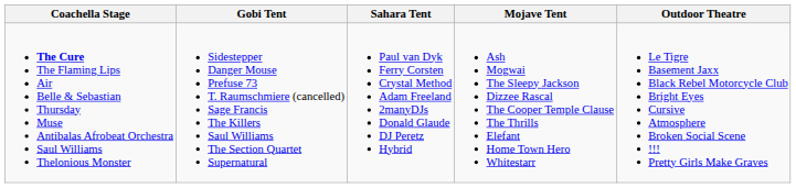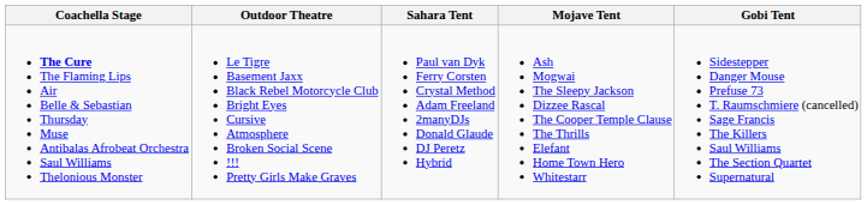 <table class="wikitable">
 <tr>
 <th>Coachella Stage</th>
-<th>Gobi Tent</th>
+<th>Outdoor Theatre</th>
 <th>Sahara Tent</th>
 <th>Mojave Tent</th>
-<th>Outdoor Theatre</th>
+<th>Gobi Tent</th>
 </tr>
 <tr valign="top">
 <td><br><ul><li><strong><a href='#'>The Cure</a></strong></li><li><a href='#'>The Flaming Lips</a></li><li><a href='#'>Air</a></li><li><a href='#'>Belle & Sebastian</a></li><li><a href='#'>Thursday</a></li><li><a href='#'>Muse</a></li><li><a href='#'>Antibalas Afrobeat Orchestra</a></li><li><a href='#'>Saul Williams</a></li><li><a href='#'>Thelonious Monster</a></li></ul></td>
-<td><br><ul><li><a href='#'>Sidestepper</a></li><li><a href='#'>Danger Mouse</a></li><li><a href='#'>Prefuse 73</a></li><li><a href='#'>T. Raumschmiere</a> (cancelled)</li><li><a href='#'>Sage Francis</a></li><li><a href='#'>The Killers</a></li><li><a href='#'>Saul Williams</a></li><li><a href='#'>The Section Quartet</a></li><li><a href='#'>Supernatural</a></li></ul></td>
+<td><br><ul><li><a href='#'>Le Tigre</a></li><li><a href='#'>Basement Jaxx</a></li><li><a href='#'>Black Rebel Motorcycle Club</a></li><li><a href='#'>Bright Eyes</a></li><li><a href='#'>Cursive</a></li><li><a href='#'>Atmosphere</a></li><li><a href='#'>Broken Social Scene</a></li><li><a href='#'>!!!</a></li><li><a href='#'>Pretty Girls Make Graves</a></li></ul></td>
 <td><br><ul><li><a href='#'>Paul van Dyk</a></li><li><a href='#'>Ferry Corsten</a></li><li><a href='#'>Crystal Method</a></li><li><a href='#'>Adam Freeland</a></li><li><a href='#'>2manyDJs</a></li><li><a href='#'>Donald Glaude</a></li><li><a href='#'>DJ Peretz</a></li><li><a href='#'>Hybrid</a></li></ul></td>
 <td><br><ul><li><a href='#'>Ash</a></li><li><a href='#'>Mogwai</a></li><li><a href='#'>The Sleepy Jackson</a></li><li><a href='#'>Dizzee Rascal</a></li><li><a href='#'>The Cooper Temple Clause</a></li><li><a href='#'>The Thrills</a></li><li><a href='#'>Elefant</a></li><li><a href='#'>Home Town Hero</a></li><li><a href='#'>Whitestarr</a></li></ul></td>
-<td><br><ul><li><a href='#'>Le Tigre</a></li><li><a href='#'>Basement Jaxx</a></li><li><a href='#'>Black Rebel Motorcycle Club</a></li><li><a href='#'>Bright Eyes</a></li><li><a href='#'>Cursive</a></li><li><a href='#'>Atmosphere</a></li><li><a href='#'>Broken Social Scene</a></li><li><a href='#'>!!!</a></li><li><a href='#'>Pretty Girls Make Graves</a></li></ul></td>
+<td><br><ul><li><a href='#'>Sidestepper</a></li><li><a href='#'>Danger Mouse</a></li><li><a href='#'>Prefuse 73</a></li><li><a href='#'>T. Raumschmiere</a> (cancelled)</li><li><a href='#'>Sage Francis</a></li><li><a href='#'>The Killers</a></li><li><a href='#'>Saul Williams</a></li><li><a href='#'>The Section Quartet</a></li><li><a href='#'>Supernatural</a></li></ul></td>
 </tr>
 </table>
